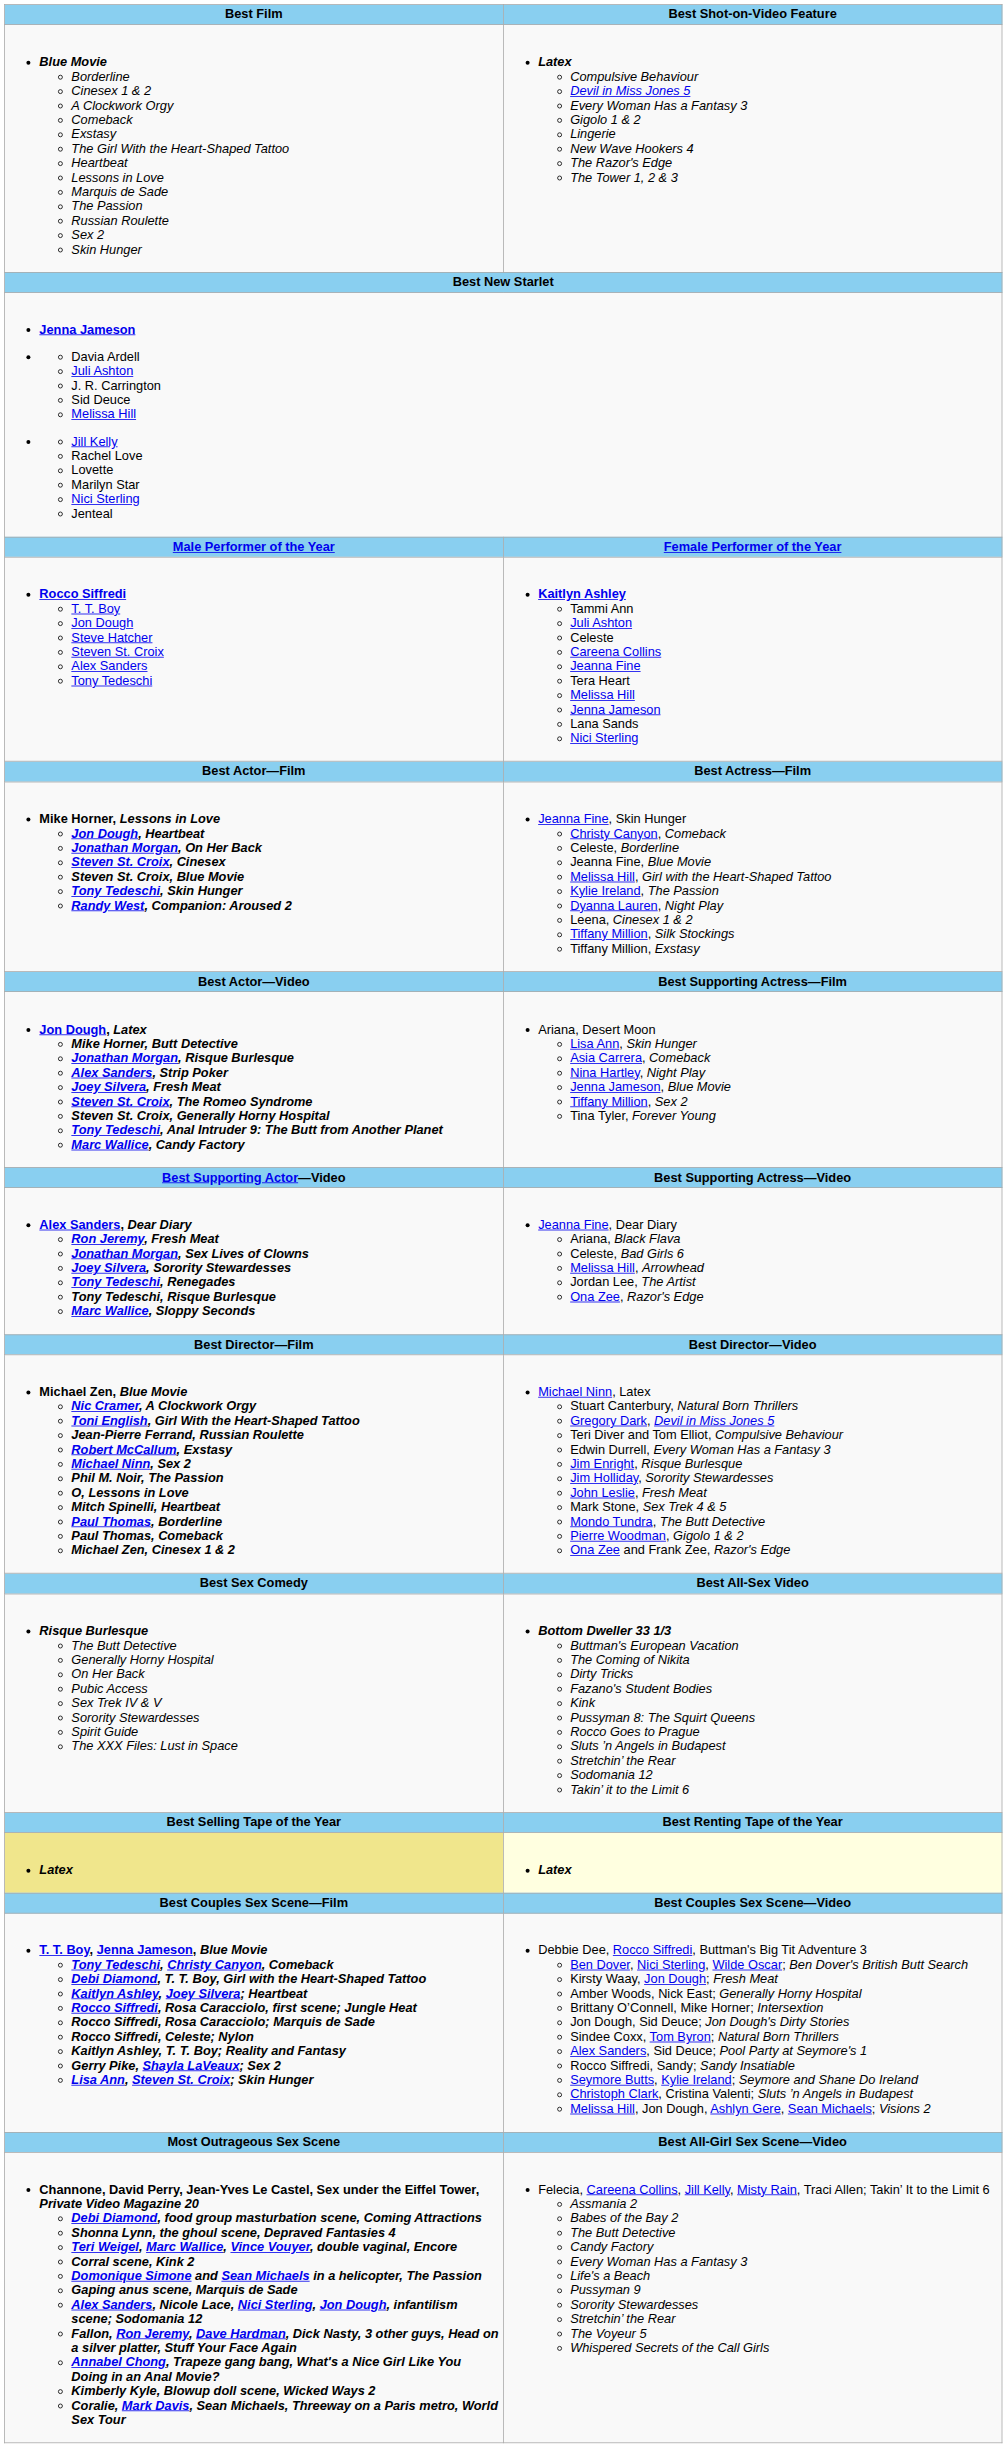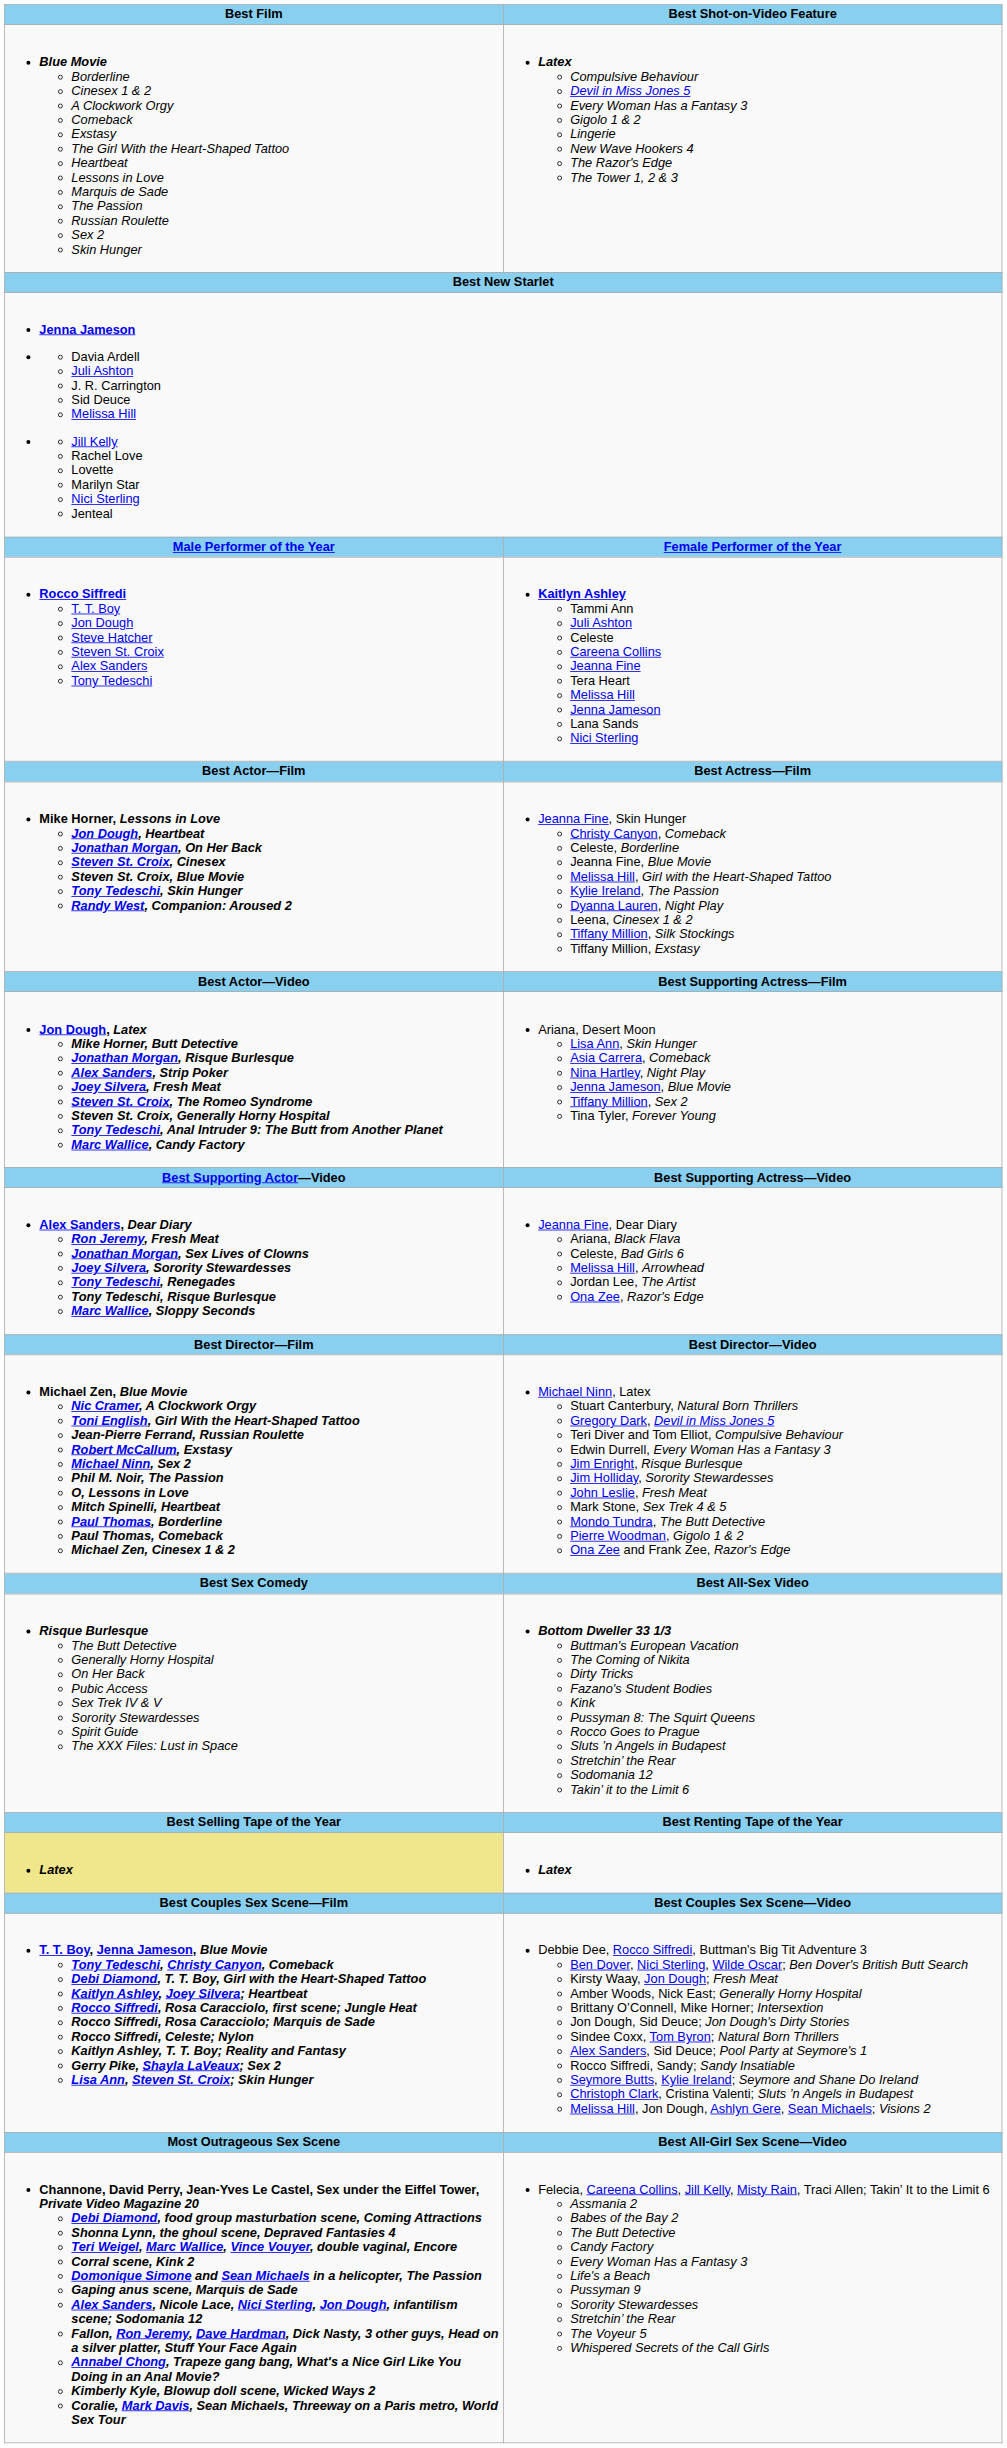 <table class=wikitable>
 <tr>
 <th style="background:#89cff0" width="50%">Best Film</th>
 <th style="background:#89cff0" width="50%">Best Shot-on-Video Feature</th>
 </tr>
 <tr>
 <td valign="top"><br><ul><li><strong><em>Blue Movie</em></strong><ul><li><em>Borderline</em></li><li><em>Cinesex 1 & 2</em></li><li><em>A Clockwork Orgy</em></li><li><em>Comeback</em></li><li><em>Exstasy</em></li><li><em>The Girl With the Heart-Shaped Tattoo</em></li><li><em>Heartbeat</em></li><li><em>Lessons in Love</em></li><li><em>Marquis de Sade</em></li><li><em>The Passion</em></li><li><em>Russian Roulette</em></li><li><em>Sex 2</em></li><li><em>Skin Hunger</em></li></ul></li></ul></td>
 <td valign="top"><br><ul><li><strong><em>Latex</em></strong><ul><li><em>Compulsive Behaviour</em></li><li><em><a href='#'>Devil in Miss Jones 5</a></em></li><li><em>Every Woman Has a Fantasy 3</em></li><li><em>Gigolo 1 & 2</em></li><li><em>Lingerie</em></li><li><em>New Wave Hookers 4</em></li><li><em>The Razor's Edge</em></li><li><em>The Tower 1, 2 & 3</em></li></ul></li></ul></td>
 </tr>
 <tr>
 <th colspan="2" style="background:#89cff0">Best New Starlet</th>
 </tr>
 <tr>
 <td colspan="2" valign="top"><br><ul><li><strong><a href='#'>Jenna Jameson</a></strong></li></ul> <ul><li><ul><li>Davia Ardell</li><li><a href='#'>Juli Ashton</a></li><li>J. R. Carrington</li><li>Sid Deuce</li><li><a href='#'>Melissa Hill</a></li></ul></li></ul><ul><li><ul><li><a href='#'>Jill Kelly</a></li><li>Rachel Love</li><li>Lovette</li><li>Marilyn Star</li><li><a href='#'>Nici Sterling</a></li><li>Jenteal</li></ul></li></ul></td>
 </tr>
 <tr>
 <th style="background:#89cff0" width="50%"><a href='#'>Male Performer of the Year</a></th>
 <th style="background:#89cff0" width="50%"><a href='#'>Female Performer of the Year</a></th>
 </tr>
 <tr>
 <td valign="top"><br><ul><li><strong><a href='#'>Rocco Siffredi</a></strong><ul><li><a href='#'>T. T. Boy</a></li><li><a href='#'>Jon Dough</a></li><li><a href='#'>Steve Hatcher</a></li><li><a href='#'>Steven St. Croix</a></li><li><a href='#'>Alex Sanders</a></li><li><a href='#'>Tony Tedeschi</a></li></ul></li></ul></td>
 <td valign="top"><br><ul><li><strong><a href='#'>Kaitlyn Ashley</a></strong><ul><li>Tammi Ann</li><li><a href='#'>Juli Ashton</a></li><li>Celeste</li><li><a href='#'>Careena Collins</a></li><li><a href='#'>Jeanna Fine</a></li><li>Tera Heart</li><li><a href='#'>Melissa Hill</a></li><li><a href='#'>Jenna Jameson</a></li><li>Lana Sands</li><li><a href='#'>Nici Sterling</a></li></ul></li></ul></td>
 </tr>
 <tr>
 <th style="background:#89cff0" width="50%">Best Actor—Film</th>
 <th style="background:#89cff0" width="50%">Best Actress—Film</th>
 </tr>
 <tr>
 <td valign="top"><br><ul><li><strong>Mike Horner, <em>Lessons in Love<strong><em><ul><li><a href='#'>Jon Dough</a>, </em>Heartbeat<em></li><li><a href='#'>Jonathan Morgan</a>, </em>On Her Back<em></li><li><a href='#'>Steven St. Croix</a>, </em>Cinesex<em></li><li>Steven St. Croix, </em>Blue Movie<em></li><li><a href='#'>Tony Tedeschi</a>, </em>Skin Hunger<em></li><li><a href='#'>Randy West</a>, </em>Companion: Aroused 2<em></li></ul></li></ul></td>
 <td valign="top"><br><ul><li></strong><a href='#'>Jeanna Fine</a>, </em>Skin Hunger</em></strong><ul><li><a href='#'>Christy Canyon</a>, <em>Comeback</em></li><li>Celeste, <em>Borderline</em></li><li>Jeanna Fine, <em>Blue Movie</em></li><li><a href='#'>Melissa Hill</a>, <em>Girl with the Heart-Shaped Tattoo</em></li><li><a href='#'>Kylie Ireland</a>, <em>The Passion</em></li><li><a href='#'>Dyanna Lauren</a>, <em>Night Play</em></li><li>Leena, <em>Cinesex 1 & 2</em></li><li><a href='#'>Tiffany Million</a>, <em>Silk Stockings</em></li><li>Tiffany Million, <em>Exstasy</em></li></ul></li></ul></td>
 </tr>
 <tr>
 <th style="background:#89cff0" width="50%">Best Actor—Video</th>
 <th style="background:#89cff0" width="50%">Best Supporting Actress—Film</th>
 </tr>
 <tr>
 <td valign="top"><br><ul><li><strong><a href='#'>Jon Dough</a>, <em>Latex<strong><em><ul><li>Mike Horner, </em>Butt Detective<em></li><li><a href='#'>Jonathan Morgan</a>, </em>Risque Burlesque<em></li><li><a href='#'>Alex Sanders</a>, </em>Strip Poker<em></li><li><a href='#'>Joey Silvera</a>, </em>Fresh Meat<em></li><li><a href='#'>Steven St. Croix</a>, </em>The Romeo Syndrome<em></li><li>Steven St. Croix, </em>Generally Horny Hospital<em></li><li><a href='#'>Tony Tedeschi</a>, </em>Anal Intruder 9: The Butt from Another Planet<em></li><li><a href='#'>Marc Wallice</a>, </em>Candy Factory<em></li></ul></li></ul></td>
 <td valign="top"><br><ul><li></strong>Ariana, </em>Desert Moon</em></strong><ul><li><a href='#'>Lisa Ann</a>, <em>Skin Hunger</em></li><li><a href='#'>Asia Carrera</a>, <em>Comeback</em></li><li><a href='#'>Nina Hartley</a>, <em>Night Play</em></li><li><a href='#'>Jenna Jameson</a>, <em>Blue Movie</em></li><li><a href='#'>Tiffany Million</a>, <em>Sex 2</em></li><li>Tina Tyler, <em>Forever Young</em></li></ul></li></ul></td>
 </tr>
 <tr>
 <th style="background:#89cff0" width="50%"><a href='#'>Best Supporting Actor</a>—Video</th>
 <th style="background:#89cff0" width="50%">Best Supporting Actress—Video</th>
 </tr>
 <tr>
 <td valign="top"><br><ul><li><strong><a href='#'>Alex Sanders</a>, <em>Dear Diary<strong><em><ul><li><a href='#'>Ron Jeremy</a>, </em>Fresh Meat<em></li><li><a href='#'>Jonathan Morgan</a>, </em>Sex Lives of Clowns<em></li><li><a href='#'>Joey Silvera</a>, </em>Sorority Stewardesses<em></li><li><a href='#'>Tony Tedeschi</a>, </em>Renegades<em></li><li>Tony Tedeschi, </em>Risque Burlesque<em></li><li><a href='#'>Marc Wallice</a>, </em>Sloppy Seconds<em></li></ul></li></ul></td>
 <td valign="top"><br><ul><li></strong><a href='#'>Jeanna Fine</a>, </em>Dear Diary</em></strong><ul><li>Ariana, <em>Black Flava</em></li><li>Celeste, <em>Bad Girls 6</em></li><li><a href='#'>Melissa Hill</a>, <em>Arrowhead</em></li><li>Jordan Lee, <em>The Artist</em></li><li><a href='#'>Ona Zee</a>, <em>Razor's Edge</em></li></ul></li></ul></td>
 </tr>
 <tr>
 <th style="background:#89cff0" width="50%">Best Director—Film</th>
 <th style="background:#89cff0" width="50%">Best Director—Video</th>
 </tr>
 <tr>
 <td valign="top"><br><ul><li><strong>Michael Zen, <em>Blue Movie<strong><em><ul><li><a href='#'>Nic Cramer</a>, </em>A Clockwork Orgy<em></li><li><a href='#'>Toni English</a>, </em>Girl With the Heart-Shaped Tattoo<em></li><li>Jean-Pierre Ferrand, </em>Russian Roulette<em></li><li><a href='#'>Robert McCallum</a></em>, Exstasy<em></li><li><a href='#'>Michael Ninn</a>, </em>Sex 2<em></li><li>Phil M. Noir, </em>The Passion<em></li><li>O, </em>Lessons in Love<em></li><li>Mitch Spinelli, </em>Heartbeat<em></li><li><a href='#'>Paul Thomas</a>, </em>Borderline<em></li><li>Paul Thomas, </em>Comeback<em></li><li>Michael Zen, </em>Cinesex 1 & 2<em></li></ul></li></ul></td>
 <td valign="top"><br><ul><li></strong><a href='#'>Michael Ninn</a>, </em>Latex</em></strong><ul><li>Stuart Canterbury, <em>Natural Born Thrillers</em></li><li><a href='#'>Gregory Dark</a>, <em><a href='#'>Devil in Miss Jones 5</a></em></li><li>Teri Diver and Tom Elliot, <em>Compulsive Behaviour</em></li><li>Edwin Durrell, <em>Every Woman Has a Fantasy 3</em></li><li><a href='#'>Jim Enright</a>, <em>Risque Burlesque</em></li><li><a href='#'>Jim Holliday</a>, <em>Sorority Stewardesses</em></li><li><a href='#'>John Leslie</a>, <em>Fresh Meat</em></li><li>Mark Stone, <em>Sex Trek 4 & 5</em></li><li><a href='#'>Mondo Tundra</a>, <em>The Butt Detective</em></li><li><a href='#'>Pierre Woodman</a>, <em>Gigolo 1 & 2</em></li><li><a href='#'>Ona Zee</a> and Frank Zee, <em>Razor's Edge</em></li></ul></li></ul></td>
 </tr>
 <tr>
 <th style="background:#89cff0" width="50%">Best Sex Comedy</th>
 <th style="background:#89cff0" width="50%">Best All-Sex Video</th>
 </tr>
 <tr>
 <td valign="top"><br><ul><li><strong><em>Risque Burlesque</em></strong><ul><li><em>The Butt Detective</em></li><li><em>Generally Horny Hospital</em></li><li><em>On Her Back</em></li><li><em>Pubic Access</em></li><li><em>Sex Trek IV & V</em></li><li><em>Sorority Stewardesses</em></li><li><em>Spirit Guide</em></li><li><em>The XXX Files: Lust in Space</em></li></ul></li></ul></td>
 <td valign="top"><br><ul><li><strong><em>Bottom Dweller 33 1/3</em></strong><ul><li><em>Buttman's European Vacation</em></li><li><em>The Coming of Nikita</em></li><li><em>Dirty Tricks</em></li><li><em>Fazano's Student Bodies</em></li><li><em>Kink</em></li><li><em>Pussyman 8: The Squirt Queens</em></li><li><em>Rocco Goes to Prague</em></li><li><em>Sluts ’n Angels in Budapest</em></li><li><em>Stretchin’ the Rear</em></li><li><em>Sodomania 12</em></li><li><em>Takin’ it to the Limit 6</em></li></ul></li></ul></td>
 </tr>
 <tr>
 <th style="background:#89cff0" width="50%">Best Selling Tape of the Year</th>
 <th style="background:#89cff0" width="50%">Best Renting Tape of the Year</th>
 </tr>
 <tr>
 <td valign="top" style="background: khaki;"><br><ul><li><strong><em>Latex</em></strong></li></ul></td>
-<td valign="top" style="background: lightyellow;"><br><ul><li><strong><em>Latex</em></strong></li></ul></td>
+<td valign="top"><br><ul><li><strong><em>Latex</em></strong></li></ul></td>
 </tr>
 <tr>
 <th style="background:#89cff0" width="50%">Best Couples Sex Scene—Film</th>
 <th style="background:#89cff0" width="50%">Best Couples Sex Scene—Video</th>
 </tr>
 <tr>
 <td valign="top"><br><ul><li><strong><a href='#'>T. T. Boy</a>, <a href='#'>Jenna Jameson</a>, <em>Blue Movie<strong><em><ul><li><a href='#'>Tony Tedeschi</a>, <a href='#'>Christy Canyon</a>, </em>Comeback<em></li><li><a href='#'>Debi Diamond</a>, T. T. Boy, </em>Girl with the Heart-Shaped Tattoo<em></li><li><a href='#'>Kaitlyn Ashley</a>, <a href='#'>Joey Silvera</a>; </em>Heartbeat<em></li><li><a href='#'>Rocco Siffredi</a>, Rosa Caracciolo, first scene; </em>Jungle Heat<em></li><li>Rocco Siffredi, Rosa Caracciolo; </em>Marquis de Sade<em></li><li>Rocco Siffredi, Celeste; </em>Nylon<em></li><li>Kaitlyn Ashley,  T. T. Boy; </em>Reality and Fantasy<em></li><li>Gerry Pike, <a href='#'>Shayla LaVeaux</a>; </em>Sex 2<em></li><li><a href='#'>Lisa Ann</a>, <a href='#'>Steven St. Croix</a>; </em>Skin Hunger<em></li></ul></li></ul></td>
 <td valign="top"><br><ul><li></strong>Debbie Dee, <a href='#'>Rocco Siffredi</a>, </em>Buttman's Big Tit Adventure 3</em></strong><ul><li><a href='#'>Ben Dover</a>, <a href='#'>Nici Sterling</a>, <a href='#'>Wilde Oscar</a>; <em>Ben Dover's British Butt Search</em></li><li>Kirsty Waay, <a href='#'>Jon Dough</a>; <em>Fresh Meat</em></li><li>Amber Woods, Nick East; <em>Generally Horny Hospital</em></li><li>Brittany O’Connell, Mike Horner; <em>Intersextion</em></li><li>Jon Dough, Sid Deuce; <em>Jon Dough's Dirty Stories</em></li><li>Sindee Coxx, <a href='#'>Tom Byron</a>; <em>Natural Born Thrillers</em></li><li><a href='#'>Alex Sanders</a>, Sid Deuce; <em>Pool Party at Seymore's 1</em></li><li>Rocco Siffredi, Sandy; <em>Sandy Insatiable</em></li><li><a href='#'>Seymore Butts</a>, <a href='#'>Kylie Ireland</a>; <em>Seymore and Shane Do Ireland</em></li><li><a href='#'>Christoph Clark</a>, Cristina Valenti; <em>Sluts ’n Angels in Budapest</em></li><li><a href='#'>Melissa Hill</a>, Jon Dough, <a href='#'>Ashlyn Gere</a>, <a href='#'>Sean Michaels</a>; <em>Visions 2</em></li></ul></li></ul></td>
 </tr>
 <tr>
 <th style="background:#89cff0" width="50%">Most Outrageous Sex Scene</th>
 <th style="background:#89cff0" width="50%">Best All-Girl Sex Scene—Video</th>
 </tr>
 <tr>
 <td valign="top"><br><ul><li><strong>Channone, David Perry, Jean-Yves Le Castel, Sex under the Eiffel Tower, <em>Private Video Magazine 20<strong><em><ul><li><a href='#'>Debi Diamond</a>, food group masturbation scene, </em>Coming Attractions<em></li><li>Shonna Lynn, the ghoul scene, </em>Depraved Fantasies 4<em></li><li><a href='#'>Teri Weigel</a>, <a href='#'>Marc Wallice</a>, <a href='#'>Vince Vouyer</a>, double vaginal, </em>Encore<em></li><li>Corral scene, </em>Kink 2<em></li><li><a href='#'>Domonique Simone</a> and <a href='#'>Sean Michaels</a> in a helicopter, </em>The Passion<em></li><li>Gaping anus scene, </em>Marquis de Sade<em></li><li><a href='#'>Alex Sanders</a>, Nicole Lace, <a href='#'>Nici Sterling</a>, <a href='#'>Jon Dough</a>, infantilism scene; </em>Sodomania 12<em></li><li>Fallon, <a href='#'>Ron Jeremy</a>, <a href='#'>Dave Hardman</a>, Dick Nasty, 3 other guys, Head on a silver platter, </em>Stuff Your Face Again<em></li><li><a href='#'>Annabel Chong</a>, Trapeze gang bang, </em>What's a Nice Girl Like You Doing in an Anal Movie?<em></li><li>Kimberly Kyle, Blowup doll scene, </em>Wicked Ways 2<em></li><li>Coralie, <a href='#'>Mark Davis</a>, Sean Michaels, Threeway on a Paris metro, </em>World Sex Tour<em></li></ul></li></ul></td>
 <td valign="top"><br><ul><li></strong>Felecia, <a href='#'>Careena Collins</a>, <a href='#'>Jill Kelly</a>, <a href='#'>Misty Rain</a>, Traci Allen; </em>Takin’ It to the Limit 6</em></strong><ul><li><em>Assmania 2</em></li><li><em>Babes of the Bay 2</em></li><li><em>The Butt Detective</em></li><li><em>Candy Factory</em></li><li><em>Every Woman Has a Fantasy 3</em></li><li><em>Life's a Beach</em></li><li><em>Pussyman 9</em></li><li><em>Sorority Stewardesses</em></li><li><em>Stretchin’ the Rear</em></li><li><em>The Voyeur 5</em></li><li><em>Whispered Secrets of the Call Girls</em></li></ul></li></ul></td>
 </tr>
 </table>
